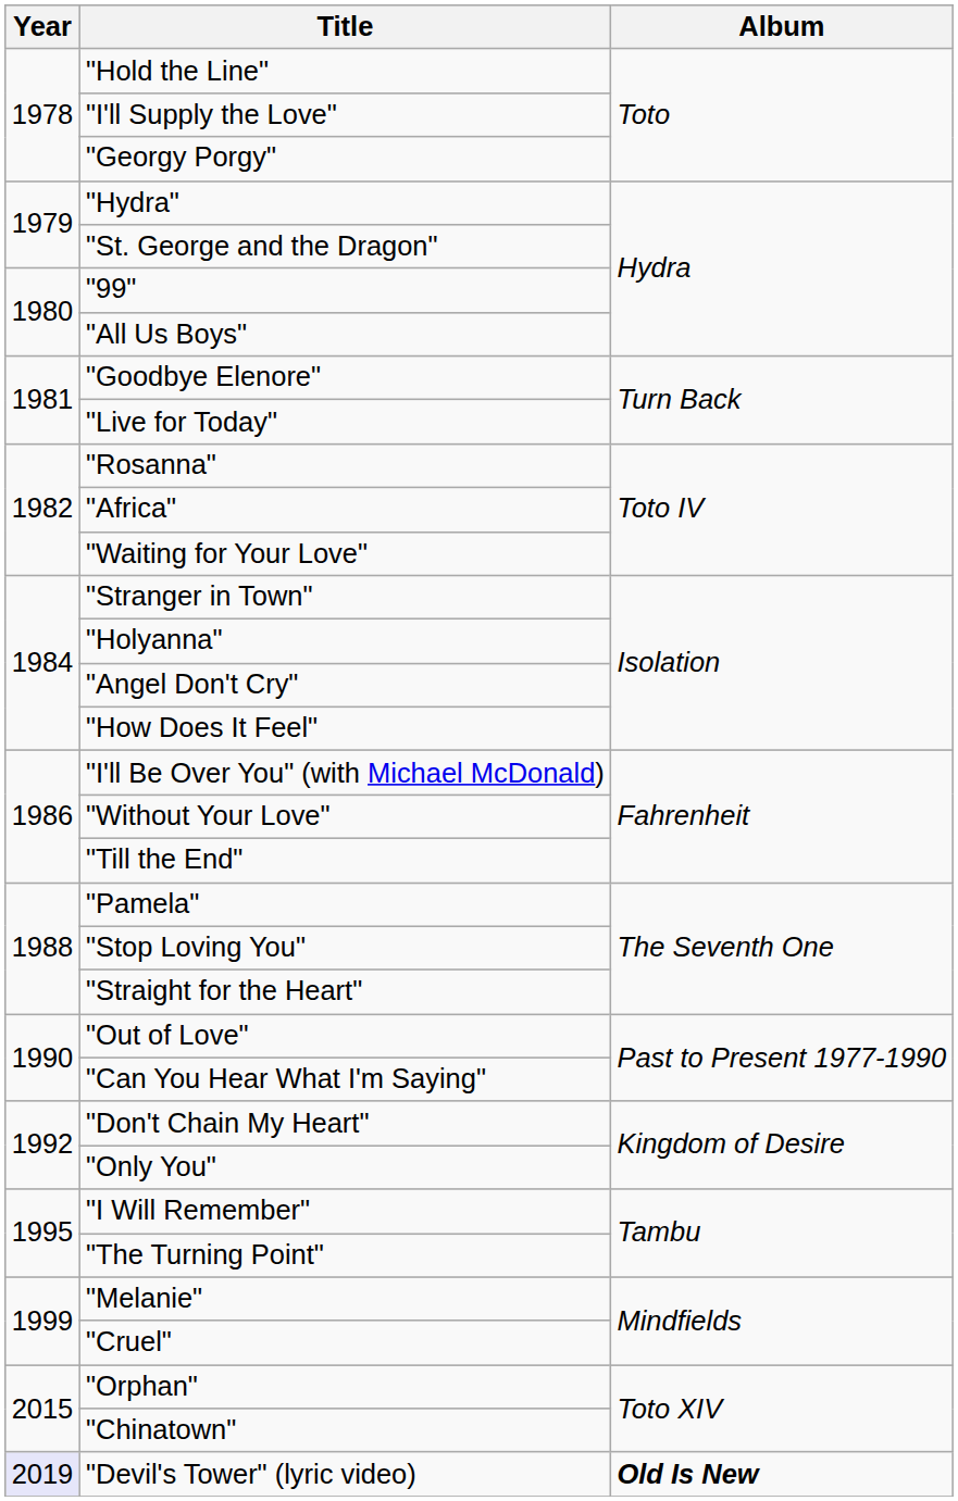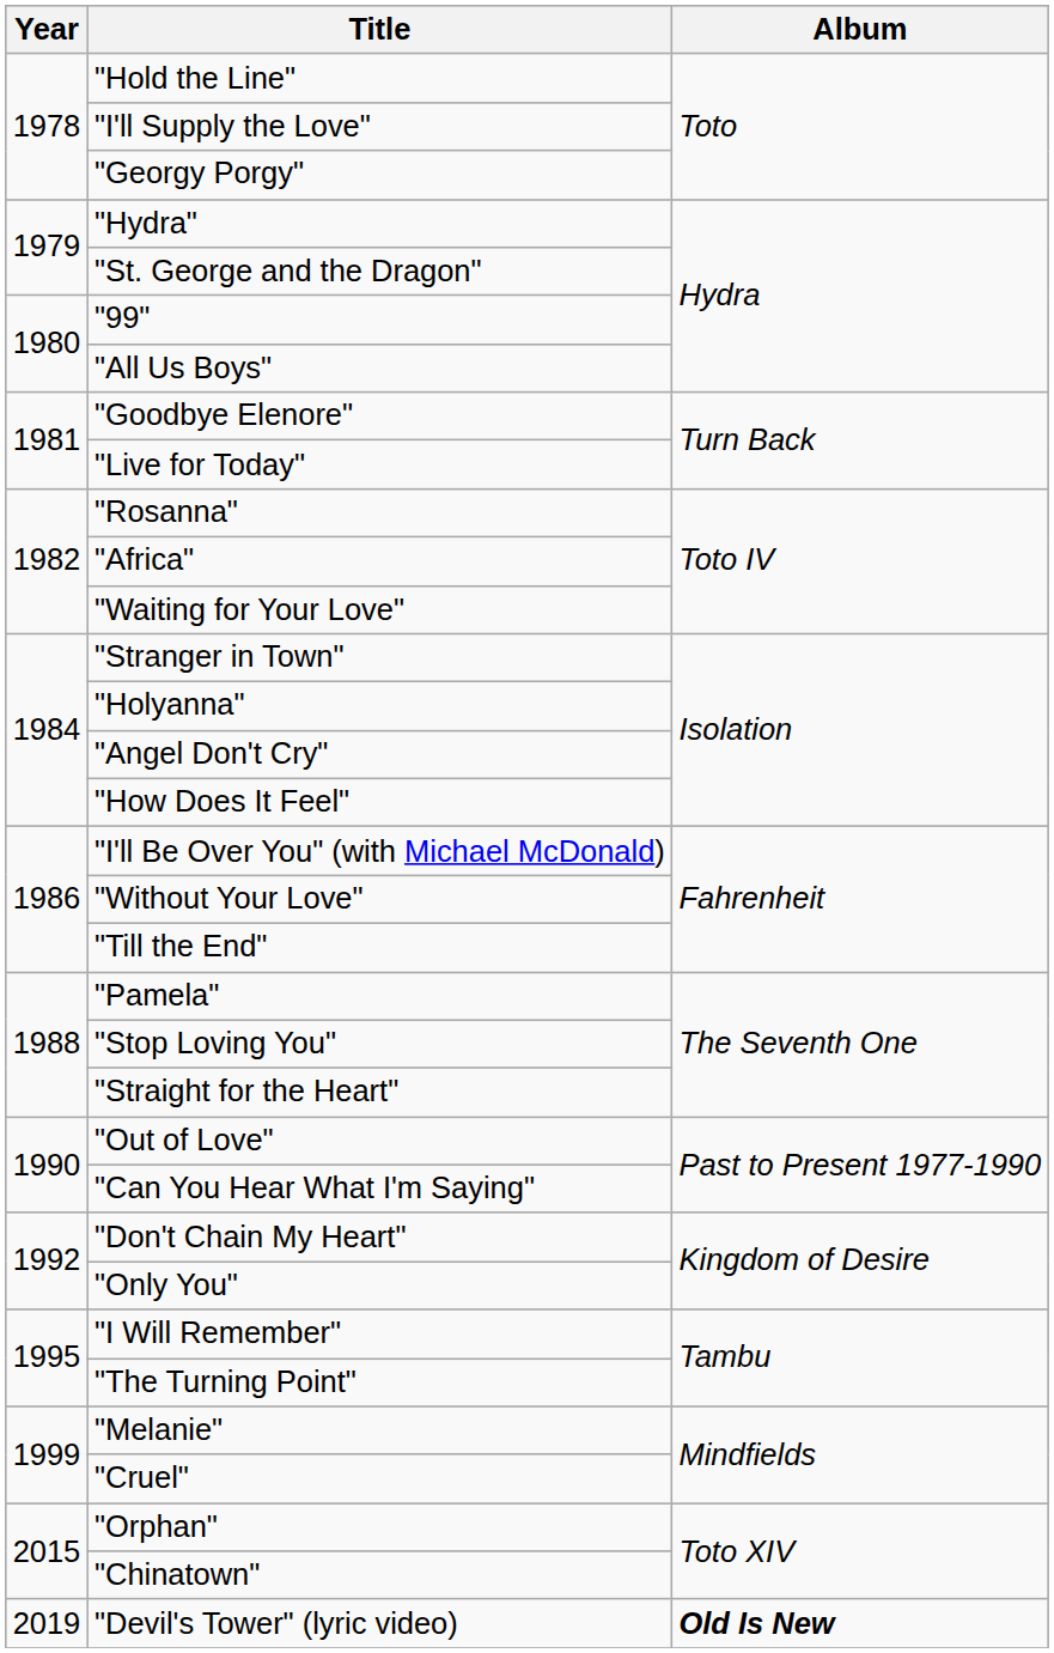 <table class="wikitable">
 <tr>
 <th>Year</th>
 <th>Title</th>
 <th>Album</th>
 </tr>
 <tr>
 <td rowspan="3">1978</td>
 <td>"Hold the Line"</td>
 <td rowspan="3"><em>Toto</em></td>
 </tr>
 <tr>
 <td>"I'll Supply the Love"</td>
 </tr>
 <tr>
 <td>"Georgy Porgy"</td>
 </tr>
 <tr>
 <td rowspan="2">1979</td>
 <td>"Hydra"</td>
 <td rowspan="4"><em>Hydra</em></td>
 </tr>
 <tr>
 <td>"St. George and the Dragon"</td>
 </tr>
 <tr>
 <td rowspan="2">1980</td>
 <td>"99"</td>
 </tr>
 <tr>
 <td>"All Us Boys"</td>
 </tr>
 <tr>
 <td rowspan="2">1981</td>
 <td>"Goodbye Elenore"</td>
 <td rowspan="2"><em>Turn Back</em></td>
 </tr>
 <tr>
 <td>"Live for Today"</td>
 </tr>
 <tr>
 <td rowspan="3">1982</td>
 <td>"Rosanna"</td>
 <td rowspan="3"><em>Toto IV</em></td>
 </tr>
 <tr>
 <td>"Africa"</td>
 </tr>
 <tr>
 <td>"Waiting for Your Love"</td>
 </tr>
 <tr>
 <td rowspan="4">1984</td>
 <td>"Stranger in Town"</td>
 <td rowspan="4"><em>Isolation</em></td>
 </tr>
 <tr>
 <td>"Holyanna"</td>
 </tr>
 <tr>
 <td>"Angel Don't Cry"</td>
 </tr>
 <tr>
 <td>"How Does It Feel"</td>
 </tr>
 <tr>
 <td rowspan="3">1986</td>
 <td>"I'll Be Over You" (with <a href='#'>Michael McDonald</a>)</td>
 <td rowspan="3"><em>Fahrenheit</em></td>
 </tr>
 <tr>
 <td>"Without Your Love"</td>
 </tr>
 <tr>
 <td>"Till the End"</td>
 </tr>
 <tr>
 <td rowspan="3">1988</td>
 <td>"Pamela"</td>
 <td rowspan="3"><em>The Seventh One</em></td>
 </tr>
 <tr>
 <td>"Stop Loving You"</td>
 </tr>
 <tr>
 <td>"Straight for the Heart"</td>
 </tr>
 <tr>
 <td rowspan="2">1990</td>
 <td>"Out of Love"</td>
 <td rowspan="2"><em>Past to Present 1977-1990</em></td>
 </tr>
 <tr>
 <td>"Can You Hear What I'm Saying"</td>
 </tr>
 <tr>
 <td rowspan="2">1992</td>
 <td>"Don't Chain My Heart"</td>
 <td rowspan="2"><em>Kingdom of Desire</em></td>
 </tr>
 <tr>
 <td>"Only You"</td>
 </tr>
 <tr>
 <td rowspan="2">1995</td>
 <td>"I Will Remember"</td>
 <td rowspan="2"><em>Tambu</em></td>
 </tr>
 <tr>
 <td>"The Turning Point"</td>
 </tr>
 <tr>
 <td rowspan="2">1999</td>
 <td>"Melanie"</td>
 <td rowspan="2"><em>Mindfields</em></td>
 </tr>
 <tr>
 <td>"Cruel"</td>
 </tr>
 <tr>
 <td rowspan="2">2015</td>
 <td>"Orphan"</td>
 <td rowspan="2"><em>Toto XIV</em></td>
 </tr>
 <tr>
 <td>"Chinatown"</td>
 </tr>
 <tr>
-<td style="background: lavender;">2019</td>
+<td>2019</td>
 <td>"Devil's Tower" (lyric video)</td>
 <td><strong><em>Old Is New</em></strong></td>
 </tr>
 </table>
